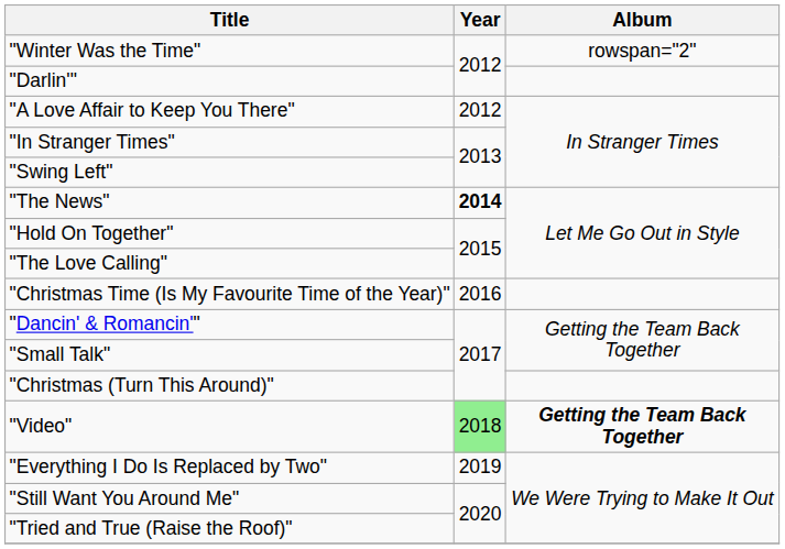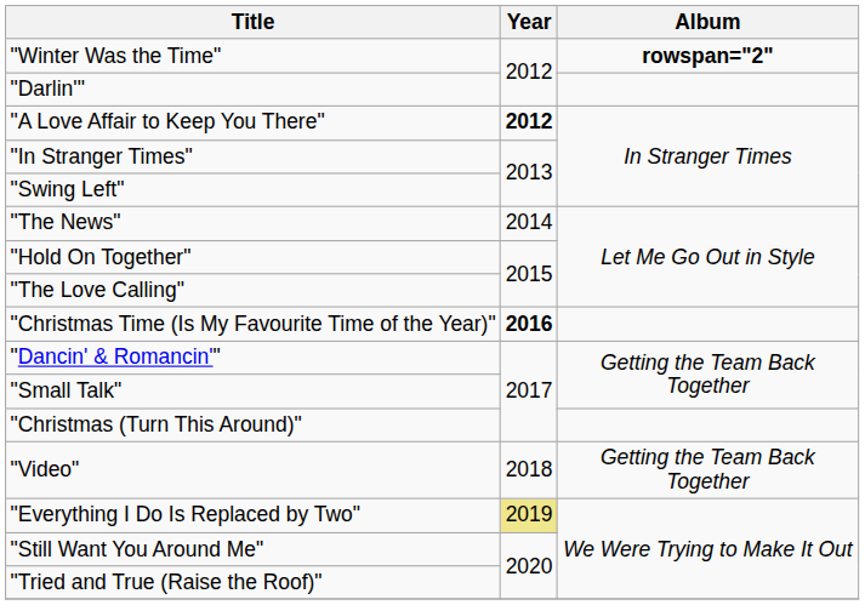 <table class="wikitable" style="text-align:center;">
 <tr>
 <th scope="col">Title</th>
 <th scope="col">Year</th>
 <th scope="col" width="220">Album</th>
 </tr>
 <tr>
 <td align="left">"Winter Was the Time"</td>
 <td rowspan="2">2012</td>
-<td>rowspan="2" </td>
+<td><strong>rowspan="2" </strong></td>
 </tr>
 <tr>
 <td align="left">"Darlin'"</td>
 </tr>
 <tr>
 <td align="left">"A Love Affair to Keep You There"</td>
-<td>2012</td>
+<td><strong>2012</strong></td>
 <td rowspan="3"><em>In Stranger Times</em></td>
 </tr>
 <tr>
 <td align="left">"In Stranger Times" </td>
 <td rowspan="2">2013</td>
 </tr>
 <tr>
 <td align="left">"Swing Left"</td>
 </tr>
 <tr>
 <td align="left">"The News"</td>
-<td><strong>2014</strong></td>
+<td>2014</td>
 <td rowspan="3"><em>Let Me Go Out in Style</em></td>
 </tr>
 <tr>
 <td align="left">"Hold On Together" </td>
 <td rowspan="2">2015</td>
 </tr>
 <tr>
 <td align="left">"The Love Calling"</td>
 </tr>
 <tr>
 <td align="left">"Christmas Time (Is My Favourite Time of the Year)"</td>
-<td>2016</td>
+<td><strong>2016</strong></td>
 <td></td>
 </tr>
 <tr>
 <td align="left">"<a href='#'>Dancin' & Romancin'</a>"</td>
 <td rowspan="3">2017</td>
 <td rowspan="2"><em>Getting the Team Back Together</em></td>
 </tr>
 <tr>
 <td align="left">"Small Talk" </td>
 </tr>
 <tr>
 <td align="left">"Christmas (Turn This Around)"</td>
 <td></td>
 </tr>
 <tr>
 <td align="left">"Video"</td>
-<td style="background: lightgreen;">2018</td>
-<td><strong><em>Getting the Team Back Together</em></strong></td>
+<td>2018</td>
+<td><em>Getting the Team Back Together</em></td>
 </tr>
 <tr>
 <td align="left">"Everything I Do Is Replaced by Two"</td>
-<td>2019</td>
+<td style="background: khaki;">2019</td>
 <td rowspan="3"><em>We Were Trying to Make It Out</em></td>
 </tr>
 <tr>
 <td align="left">"Still Want You Around Me"</td>
 <td rowspan="2">2020</td>
 </tr>
 <tr>
 <td align="left">"Tried and True (Raise the Roof)"</td>
 </tr>
 <tr>
 </tr>
 </table>
